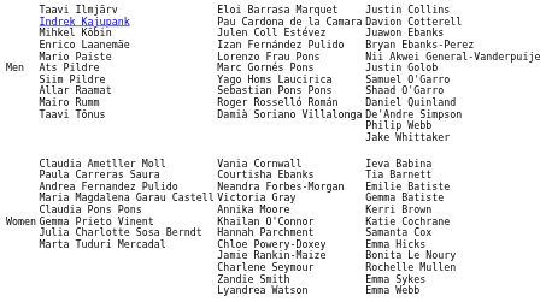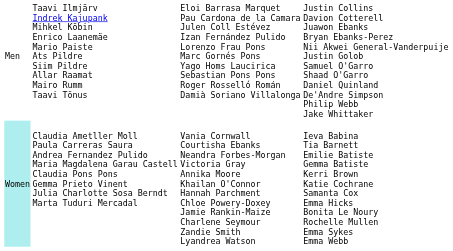 <table>
 <tr>
 <td>Men</td>
 <td valign=top><br>Taavi Ilmjärv<br><a href='#'>Indrek Kajupank</a><br>Mihkel Kõbin<br>Enrico Laanemäe<br>Mario Paiste<br>Ats Pildre<br>Siim Pildre<br>Allar Raamat<br>Mairo Rumm<br>Taavi Tõnus</td>
 <td valign=top nowrap><br>Eloi Barrasa Marquet<br>Pau Cardona de la Camara<br>Julen Coll Estévez<br>Izan Fernández Pulido<br>Lorenzo Frau Pons<br>Marc Gornés Pons<br>Yago Homs Laucirica<br>Sebastian Pons Pons<br>Roger Rosselló Román<br>Damià Soriano Villalonga</td>
 <td valign=top nowrap> <br>Justin Collins<br>Davion Cotterell<br>Juawon Ebanks<br>Bryan Ebanks-Perez<br>Nii Akwei General-Vanderpuije<br>Justin Golob<br>Samuel O'Garro<br>Shaad O'Garro<br>Daniel Quinland<br>De'Andre Simpson<br>Philip Webb<br>Jake Whittaker</td>
 </tr>
 <tr>
-<td>Women</td>
+<td style="background: paleturquoise;">Women</td>
 <td valign=top nowrap><br>Claudia Ametller Moll<br>Paula Carreras Saura<br>Andrea Fernandez Pulido<br>Maria Magdalena Garau Castell<br>Claudia Pons Pons<br>Gemma Prieto Vinent<br>Julia Charlotte Sosa Berndt<br>Marta Tuduri Mercadal</td>
 <td valign=top> <br>Vania Cornwall<br>Courtisha Ebanks<br>Neandra Forbes-Morgan<br>Victoria Gray<br>Annika Moore<br>Khailan O'Connor<br>Hannah Parchment<br>Chloe Powery-Doxey<br>Jamie Rankin-Maize<br>Charlene Seymour<br>Zandie Smith<br>Lyandrea Watson</td>
 <td valign=top> <br>Ieva Babina<br>Tia Barnett<br>Emilie Batiste<br>Gemma Batiste<br>Kerri Brown<br>Katie Cochrane<br>Samanta Cox<br>Emma Hicks<br>Bonita Le Noury<br>Rochelle Mullen<br>Emma Sykes<br>Emma Webb</td>
 </tr>
 </table>
